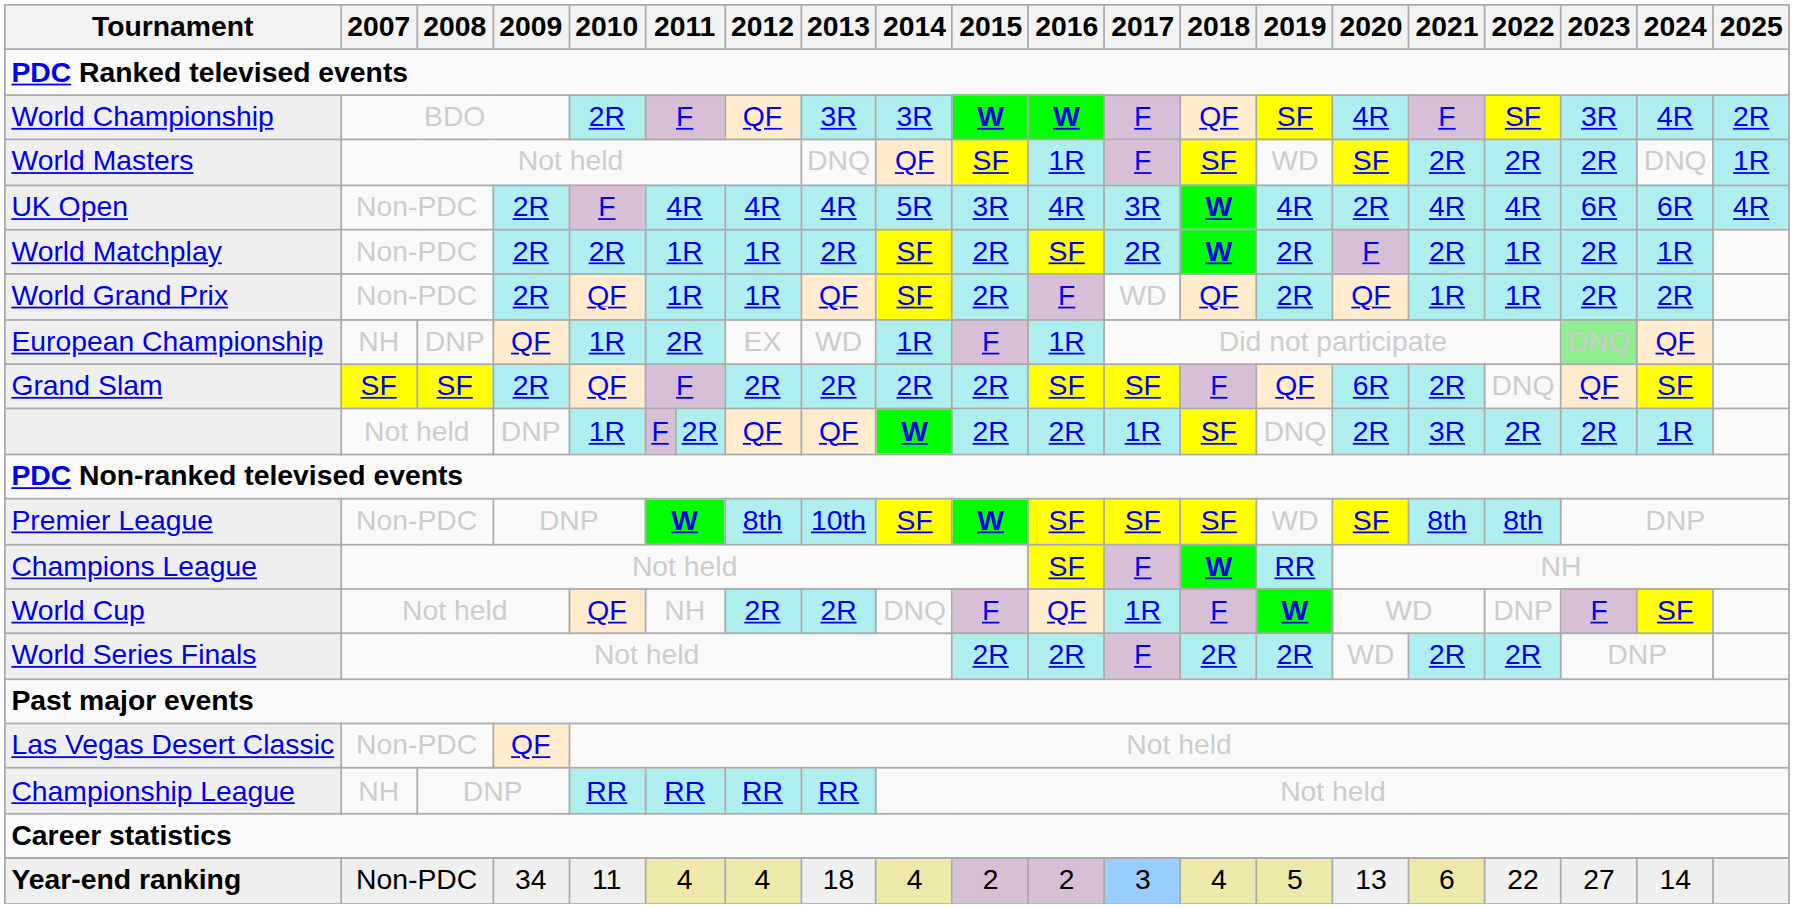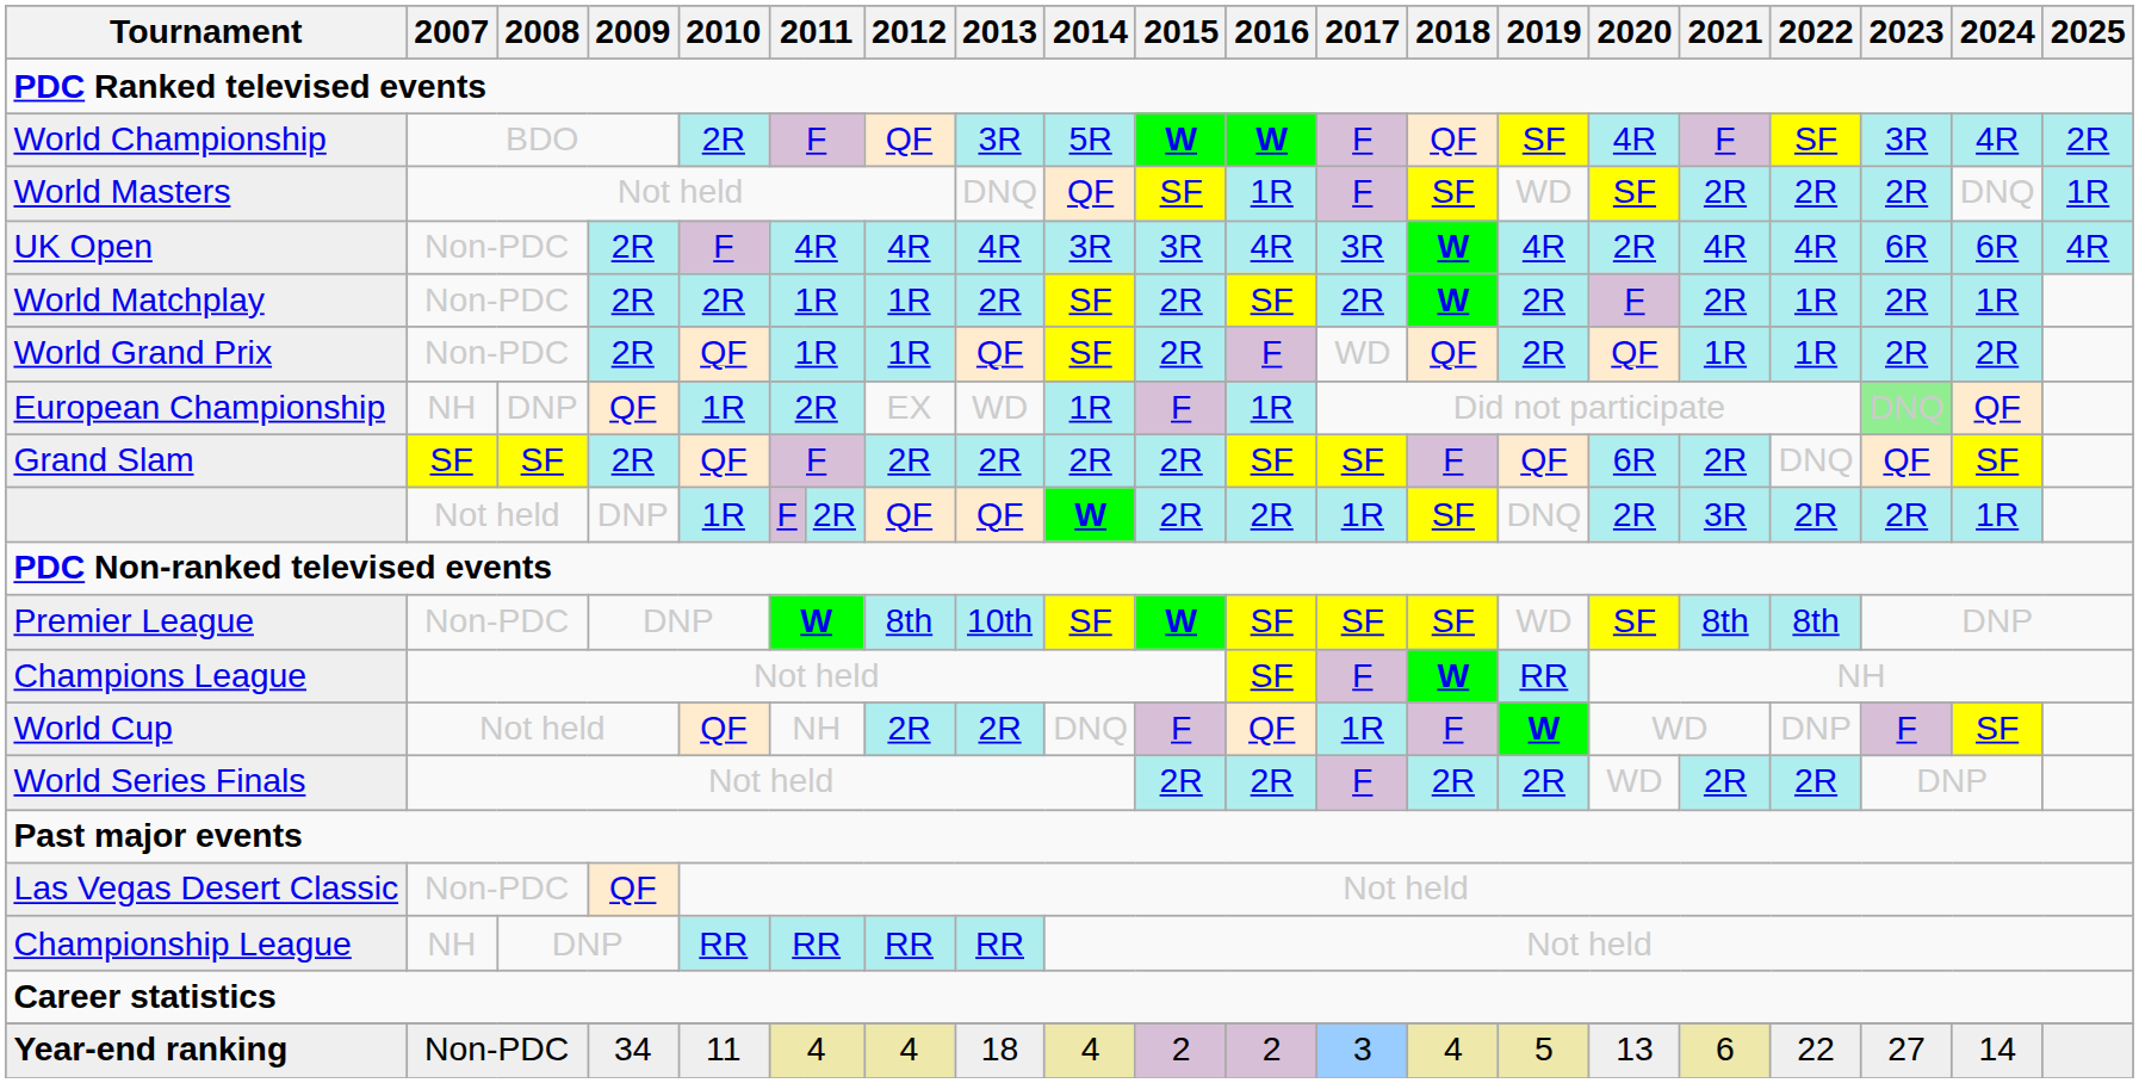 <table class="wikitable">
 <tr>
 <th>Tournament</th>
 <th>2007</th>
 <th>2008</th>
 <th>2009</th>
 <th>2010</th>
 <th colspan="2">2011</th>
 <th>2012</th>
 <th>2013</th>
 <th>2014</th>
 <th>2015</th>
 <th>2016</th>
 <th>2017</th>
 <th>2018</th>
 <th>2019</th>
 <th>2020</th>
 <th>2021</th>
 <th>2022</th>
 <th>2023</th>
 <th>2024</th>
 <th>2025</th>
 </tr>
 <tr>
 <td colspan="25" align="left"><strong><a href='#'>PDC</a> Ranked televised events</strong></td>
 </tr>
 <tr>
 <td style="background:#efefef;"><a href='#'>World Championship</a></td>
 <td colspan="3" style="text-align:center; color:#ccc;">BDO</td>
 <td style="text-align:center; background:#afeeee;"><a href='#'>2R</a></td>
 <td colspan="2" style="text-align:center; background:thistle;"><a href='#'>F</a></td>
 <td style="text-align:center; background:#ffebcd;"><a href='#'>QF</a></td>
 <td style="text-align:center; background:#afeeee;"><a href='#'>3R</a></td>
-<td style="text-align:center; background:#afeeee;"><a href='#'>3R</a></td>
+<td style="text-align:center; background:#afeeee;"><a href='#'>5R</a></td>
 <td style="text-align:center; background:lime;"><strong><a href='#'>W</a></strong></td>
 <td style="text-align:center; background:lime;"><strong><a href='#'>W</a></strong></td>
 <td style="text-align:center; background:thistle;"><a href='#'>F</a></td>
 <td style="text-align:center; background:#ffebcd;"><a href='#'>QF</a></td>
 <td style="text-align:center; background:yellow;"><a href='#'>SF</a></td>
 <td style="text-align:center; background:#afeeee;"><a href='#'>4R</a></td>
 <td style="text-align:center; background:thistle;"><a href='#'>F</a></td>
 <td style="text-align:center; background:yellow;"><a href='#'>SF</a></td>
 <td style="text-align:center; background:#afeeee;"><a href='#'>3R</a></td>
 <td style="text-align:center; background:#afeeee;"><a href='#'>4R</a></td>
 <td style="text-align:center; background:#afeeee;"><a href='#'>2R</a></td>
 </tr>
 <tr>
 <td style="background:#efefef;"><a href='#'>World Masters</a></td>
 <td colspan="7" style="text-align:center; color:#ccc;">Not held</td>
 <td style="text-align:center; color:#ccc;">DNQ</td>
 <td style="text-align:center; background:#ffebcd;"><a href='#'>QF</a></td>
 <td style="text-align:center; background:yellow;"><a href='#'>SF</a></td>
 <td style="text-align:center; background:#afeeee;"><a href='#'>1R</a></td>
 <td style="text-align:center; background:thistle;"><a href='#'>F</a></td>
 <td style="text-align:center; background:yellow;"><a href='#'>SF</a></td>
 <td style="text-align:center; color:#ccc;">WD</td>
 <td style="text-align:center; background:yellow;"><a href='#'>SF</a></td>
 <td style="text-align:center; background:#afeeee;"><a href='#'>2R</a></td>
 <td style="text-align:center; background:#afeeee;"><a href='#'>2R</a></td>
 <td style="text-align:center; background:#afeeee;"><a href='#'>2R</a></td>
 <td style="text-align:center; color:#ccc;">DNQ</td>
 <td style="text-align:center; background:#afeeee;"><a href='#'>1R</a></td>
 </tr>
 <tr>
 <td style="background:#efefef;"><a href='#'>UK Open</a></td>
 <td colspan="2" style="text-align:center; color:#ccc;">Non-PDC</td>
 <td style="text-align:center; background:#afeeee;"><a href='#'>2R</a></td>
 <td style="text-align:center; background:thistle;"><a href='#'>F</a></td>
 <td colspan="2" style="text-align:center; background:#afeeee;"><a href='#'>4R</a></td>
 <td style="text-align:center; background:#afeeee;"><a href='#'>4R</a></td>
 <td style="text-align:center; background:#afeeee;"><a href='#'>4R</a></td>
-<td style="text-align:center; background:#afeeee;"><a href='#'>5R</a></td>
+<td style="text-align:center; background:#afeeee;"><a href='#'>3R</a></td>
 <td style="text-align:center; background:#afeeee;"><a href='#'>3R</a></td>
 <td style="text-align:center; background:#afeeee;"><a href='#'>4R</a></td>
 <td style="text-align:center; background:#afeeee;"><a href='#'>3R</a></td>
 <td style="text-align:center; background:lime;"><strong><a href='#'>W</a></strong></td>
 <td style="text-align:center; background:#afeeee;"><a href='#'>4R</a></td>
 <td style="text-align:center; background:#afeeee;"><a href='#'>2R</a></td>
 <td style="text-align:center; background:#afeeee;"><a href='#'>4R</a></td>
 <td style="text-align:center; background:#afeeee;"><a href='#'>4R</a></td>
 <td style="text-align:center; background:#afeeee;"><a href='#'>6R</a></td>
 <td style="text-align:center; background:#afeeee;"><a href='#'>6R</a></td>
 <td style="text-align:center; background:#afeeee;"><a href='#'>4R</a></td>
 </tr>
 <tr>
 <td style="background:#efefef;"><a href='#'>World Matchplay</a></td>
 <td colspan="2"  style="text-align:center; color:#ccc;">Non-PDC</td>
 <td style="text-align:center; background:#afeeee;"><a href='#'>2R</a></td>
 <td style="text-align:center; background:#afeeee;"><a href='#'>2R</a></td>
 <td colspan="2" style="text-align:center; background:#afeeee;"><a href='#'>1R</a></td>
 <td style="text-align:center; background:#afeeee;"><a href='#'>1R</a></td>
 <td style="text-align:center; background:#afeeee;"><a href='#'>2R</a></td>
 <td style="text-align:center; background:yellow;"><a href='#'>SF</a></td>
 <td style="text-align:center; background:#afeeee;"><a href='#'>2R</a></td>
 <td style="text-align:center; background:yellow;"><a href='#'>SF</a></td>
 <td style="text-align:center; background:#afeeee;"><a href='#'>2R</a></td>
 <td style="text-align:center; background:lime;"><strong><a href='#'>W</a></strong></td>
 <td style="text-align:center; background:#afeeee;"><a href='#'>2R</a></td>
 <td style="text-align:center; background:thistle;"><a href='#'>F</a></td>
 <td style="text-align:center; background:#afeeee;"><a href='#'>2R</a></td>
 <td style="text-align:center; background:#afeeee;"><a href='#'>1R</a></td>
 <td style="text-align:center; background:#afeeee;"><a href='#'>2R</a></td>
 <td style="text-align:center; background:#afeeee;"><a href='#'>1R</a></td>
 <td></td>
 </tr>
 <tr>
 <td style="background:#efefef;"><a href='#'>World Grand Prix</a></td>
 <td colspan="2" style="text-align:center; color:#ccc;">Non-PDC</td>
 <td style="text-align:center; background:#afeeee;"><a href='#'>2R</a></td>
 <td style="text-align:center; background:#ffebcd;"><a href='#'>QF</a></td>
 <td colspan="2" style="text-align:center; background:#afeeee;"><a href='#'>1R</a></td>
 <td style="text-align:center; background:#afeeee;"><a href='#'>1R</a></td>
 <td style="text-align:center; background:#ffebcd;"><a href='#'>QF</a></td>
 <td style="text-align:center; background:yellow;"><a href='#'>SF</a></td>
 <td style="text-align:center; background:#afeeee;"><a href='#'>2R</a></td>
 <td style="text-align:center; background:thistle;"><a href='#'>F</a></td>
 <td style="text-align:center; color:#ccc;">WD</td>
 <td style="text-align:center; background:#ffebcd;"><a href='#'>QF</a></td>
 <td style="text-align:center; background:#afeeee;"><a href='#'>2R</a></td>
 <td style="text-align:center; background:#ffebcd;"><a href='#'>QF</a></td>
 <td style="text-align:center; background:#afeeee;"><a href='#'>1R</a></td>
 <td style="text-align:center; background:#afeeee;"><a href='#'>1R</a></td>
 <td style="text-align:center; background:#afeeee;"><a href='#'>2R</a></td>
 <td style="text-align:center; background:#afeeee;"><a href='#'>2R</a></td>
 <td></td>
 </tr>
 <tr>
 <td style="background:#efefef;"><a href='#'>European Championship</a></td>
 <td style="text-align:center; color:#ccc;">NH</td>
 <td style="text-align:center; color:#ccc;">DNP</td>
 <td style="text-align:center; background:#ffebcd;"><a href='#'>QF</a></td>
 <td style="text-align:center; background:#afeeee;"><a href='#'>1R</a></td>
 <td colspan="2" style="text-align:center; background:#afeeee;"><a href='#'>2R</a></td>
 <td style="text-align:center; color:#ccc;">EX</td>
 <td style="text-align:center; color:#ccc;">WD</td>
 <td style="text-align:center; background:#afeeee;"><a href='#'>1R</a></td>
 <td style="text-align:center; background:thistle;"><a href='#'>F</a></td>
 <td style="text-align:center; background:#afeeee;"><a href='#'>1R</a></td>
 <td colspan="6" style="text-align:center; color:#ccc;">Did not participate</td>
 <td style="background: lightgreen; text-align:center; color:#ccc;">DNQ</td>
 <td style="text-align:center; background:#ffebcd;"><a href='#'>QF</a></td>
 <td></td>
 </tr>
 <tr>
 <td style="background:#efefef;"><a href='#'>Grand Slam</a></td>
 <td style="text-align:center; background:yellow;"><a href='#'>SF</a></td>
 <td style="text-align:center; background:yellow;"><a href='#'>SF</a></td>
 <td style="text-align:center; background:#afeeee;"><a href='#'>2R</a></td>
 <td style="text-align:center; background:#ffebcd;"><a href='#'>QF</a></td>
 <td colspan="2" style="text-align:center; background:thistle;"><a href='#'>F</a></td>
 <td style="text-align:center; background:#afeeee;"><a href='#'>2R</a></td>
 <td style="text-align:center; background:#afeeee;"><a href='#'>2R</a></td>
 <td style="text-align:center; background:#afeeee;"><a href='#'>2R</a></td>
 <td style="text-align:center; background:#afeeee;"><a href='#'>2R</a></td>
 <td style="text-align:center; background:yellow;"><a href='#'>SF</a></td>
 <td style="text-align:center; background:yellow;"><a href='#'>SF</a></td>
 <td style="text-align:center; background:thistle;"><a href='#'>F</a></td>
 <td style="text-align:center; background:#ffebcd;"><a href='#'>QF</a></td>
 <td style="text-align:center; background:#afeeee;"><a href='#'>6R</a></td>
 <td style="text-align:center; background:#afeeee;"><a href='#'>2R</a></td>
 <td style="text-align:center; color:#ccc;">DNQ</td>
 <td style="text-align:center; background:#ffebcd;"><a href='#'>QF</a></td>
 <td style="text-align:center; background:yellow;"><a href='#'>SF</a></td>
 <td></td>
 </tr>
 <tr>
 <td style="background:#efefef;"></td>
 <td colspan="2" style="text-align:center; color:#ccc;">Not held</td>
 <td style="text-align:center; color:#ccc;">DNP</td>
 <td style="text-align:center; background:#afeeee;"><a href='#'>1R</a></td>
 <td style="text-align:center; background:thistle;"><a href='#'>F</a></td>
 <td style="text-align:center; background:#afeeee;"><a href='#'>2R</a></td>
 <td style="text-align:center; background:#ffebcd;"><a href='#'>QF</a></td>
 <td style="text-align:center; background:#ffebcd;"><a href='#'>QF</a></td>
 <td style="text-align:center; background:#0f0;"><strong><a href='#'>W</a></strong></td>
 <td style="text-align:center; background:#afeeee;"><a href='#'>2R</a></td>
 <td style="text-align:center; background:#afeeee;"><a href='#'>2R</a></td>
 <td style="text-align:center; background:#afeeee;"><a href='#'>1R</a></td>
 <td style="text-align:center; background:yellow;"><a href='#'>SF</a></td>
 <td style="text-align:center; color:#ccc;">DNQ</td>
 <td style="text-align:center; background:#afeeee;"><a href='#'>2R</a></td>
 <td style="text-align:center; background:#afeeee;"><a href='#'>3R</a></td>
 <td style="text-align:center; background:#afeeee;"><a href='#'>2R</a></td>
 <td style="text-align:center; background:#afeeee;"><a href='#'>2R</a></td>
 <td style="text-align:center; background:#afeeee;"><a href='#'>1R</a></td>
 <td></td>
 </tr>
 <tr>
 <td colspan="25" align="left"><strong><a href='#'>PDC</a> Non-ranked televised events</strong></td>
 </tr>
 <tr>
 <td style="background:#efefef;"><a href='#'>Premier League</a></td>
 <td colspan="2" style="text-align:center; color:#ccc;">Non-PDC</td>
 <td colspan="2" style="text-align:center; color:#ccc;">DNP</td>
 <td colspan="2" style="text-align:center; background:lime;"><strong><a href='#'>W</a></strong></td>
 <td style="text-align:center; background:#afeeee;"><a href='#'>8th</a></td>
 <td style="text-align:center; background:#afeeee;"><a href='#'>10th</a></td>
 <td style="text-align:center; background:yellow;"><a href='#'>SF</a></td>
 <td style="text-align:center; background:lime;"><strong><a href='#'>W</a></strong></td>
 <td style="text-align:center; background:yellow;"><a href='#'>SF</a></td>
 <td style="text-align:center; background:yellow;"><a href='#'>SF</a></td>
 <td style="text-align:center; background:yellow;"><a href='#'>SF</a></td>
 <td style="text-align:center; color:#ccc;">WD</td>
 <td style="text-align:center; background:yellow;"><a href='#'>SF</a></td>
 <td style="text-align:center; background:#afeeee;"><a href='#'>8th</a></td>
 <td style="text-align:center; background:#afeeee;"><a href='#'>8th</a></td>
 <td colspan="3" style="text-align:center; color:#ccc;">DNP</td>
 </tr>
 <tr>
 <td style="background:#efefef;"><a href='#'>Champions League</a></td>
 <td colspan="10" style="text-align:center; color:#ccc;">Not held</td>
 <td style="text-align:center; background:yellow;"><a href='#'>SF</a></td>
 <td style="text-align:center; background:thistle;"><a href='#'>F</a></td>
 <td style="text-align:center; background:lime;"><strong><a href='#'>W</a></strong></td>
 <td style="text-align:center; background:#afeeee;"><a href='#'>RR</a></td>
 <td colspan="6" style="text-align:center; color:#ccc;">NH</td>
 </tr>
 <tr>
 <td style="background:#efefef;"><a href='#'>World Cup</a></td>
 <td colspan="3" style="text-align:center; color:#ccc;">Not held</td>
 <td style="text-align:center; background:#ffebcd;"><a href='#'>QF</a></td>
 <td colspan="2" style="text-align:center; color:#ccc;">NH</td>
 <td style="text-align:center; background:#afeeee;"><a href='#'>2R</a></td>
 <td style="text-align:center; background:#afeeee;"><a href='#'>2R</a></td>
 <td style="text-align:center; color:#ccc;">DNQ</td>
 <td style="text-align:center; background:#D8BFD8;"><a href='#'>F</a></td>
 <td style="text-align:center; background:#ffebcd;"><a href='#'>QF</a></td>
 <td style="text-align:center; background:#afeeee;"><a href='#'>1R</a></td>
 <td style="text-align:center; background:#D8BFD8;"><a href='#'>F</a></td>
 <td style="text-align:center; background:lime;"><strong><a href='#'>W</a></strong></td>
 <td colspan="2" style="text-align:center; color:#ccc;">WD</td>
 <td style="text-align:center; color:#ccc;">DNP</td>
 <td style="text-align:center; background:#D8BFD8;"><a href='#'>F</a></td>
 <td style="text-align:center; background:yellow;"><a href='#'>SF</a></td>
 <td></td>
 </tr>
 <tr>
 <td style="background:#efefef;"><a href='#'>World Series Finals</a></td>
 <td colspan="9" style="text-align:center; color:#ccc;">Not held</td>
 <td style="text-align:center; background:#afeeee;"><a href='#'>2R</a></td>
 <td style="text-align:center; background:#afeeee;"><a href='#'>2R</a></td>
 <td style="text-align:center; background:#D8BFD8;"><a href='#'>F</a></td>
 <td style="text-align:center; background:#afeeee;"><a href='#'>2R</a></td>
 <td style="text-align:center; background:#afeeee;"><a href='#'>2R</a></td>
 <td style="text-align:center; color:#ccc;">WD</td>
 <td style="text-align:center; background:#afeeee;"><a href='#'>2R</a></td>
 <td style="text-align:center; background:#afeeee;"><a href='#'>2R</a></td>
 <td colspan="2" style="text-align:center; color:#ccc;">DNP</td>
 <td></td>
 </tr>
 <tr>
 <td colspan="25" align="left"><strong>Past major events</strong></td>
 </tr>
 <tr>
 <td style="background:#efefef;"><a href='#'>Las Vegas Desert Classic</a></td>
 <td colspan="2" style="text-align:center; color:#ccc;">Non-PDC</td>
 <td style="text-align:center; background:#ffebcd;"><a href='#'>QF</a></td>
 <td colspan="17" style="text-align:center; color:#ccc;">Not held</td>
 </tr>
 <tr>
 <td style="background:#efefef;"><a href='#'>Championship League</a></td>
 <td style="text-align:center; color:#ccc;">NH</td>
 <td colspan="2" style="text-align:center; color:#ccc;">DNP</td>
 <td style="text-align:center; background:#afeeee;"><a href='#'>RR</a></td>
 <td colspan="2" style="text-align:center; background:#afeeee;"><a href='#'>RR</a></td>
 <td style="text-align:center; background:#afeeee;"><a href='#'>RR</a></td>
 <td style="text-align:center; background:#afeeee;"><a href='#'>RR</a></td>
 <td colspan="12" style="text-align:center; color:#ccc;">Not held</td>
 </tr>
 <tr>
 <td colspan="25" align="left"><strong>Career statistics</strong></td>
 </tr>
 <tr>
 </tr>
 <tr bgcolor="efefef">
 <td align="left"><strong>Year-end ranking</strong></td>
 <td colspan=2 style="text-align:center;">Non-PDC</td>
 <td style="text-align:center;">34</td>
 <td style="text-align:center;">11</td>
 <td colspan=2 style="text-align:center; background:#eee8aa;">4</td>
 <td style="text-align:center; background:#eee8aa;">4</td>
 <td style="text-align:center;">18</td>
 <td style="text-align:center; background:#eee8aa;">4</td>
 <td style="text-align:center; background:thistle;">2</td>
 <td style="text-align:center; background:thistle;">2</td>
 <td style="text-align:center; background:#99ccff;">3</td>
 <td style="text-align:center; background:#eee8aa;">4</td>
 <td style="text-align:center; background:#eee8aa;">5</td>
 <td style="text-align:center;">13</td>
 <td style="text-align:center; background:#eee8aa;">6</td>
 <td style="text-align:center;">22</td>
 <td style="text-align:center;">27</td>
 <td style="text-align:center;">14</td>
 <td></td>
 </tr>
 </table>
